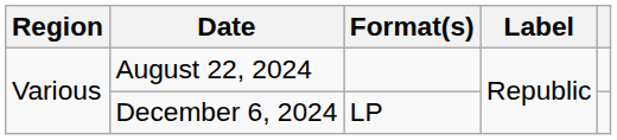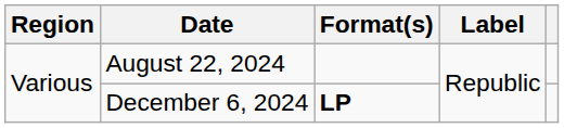 <table class="wikitable plainrowheaders">
 <tr>
 <th scope="col">Region</th>
 <th scope="col">Date</th>
 <th scope="col">Format(s)</th>
 <th scope="col">Label</th>
 <th scope="col"></th>
 </tr>
 <tr>
 <td rowspan="2" scope="row">Various</td>
 <td>August 22, 2024</td>
 <td></td>
 <td rowspan="2">Republic</td>
 <td align="center"></td>
 </tr>
 <tr>
 <td>December 6, 2024</td>
-<td>LP</td>
+<td><strong>LP</strong></td>
 <td align="center"></td>
 </tr>
 </table>
